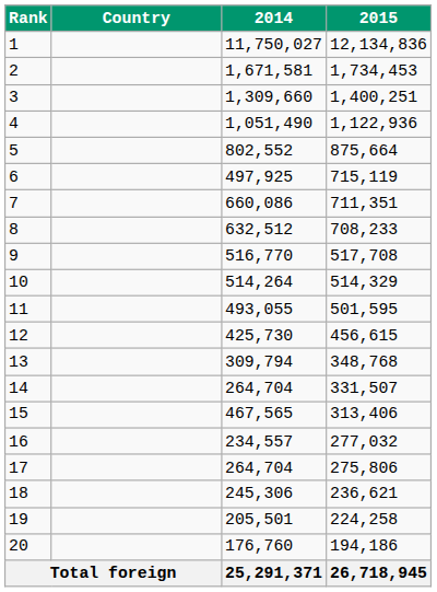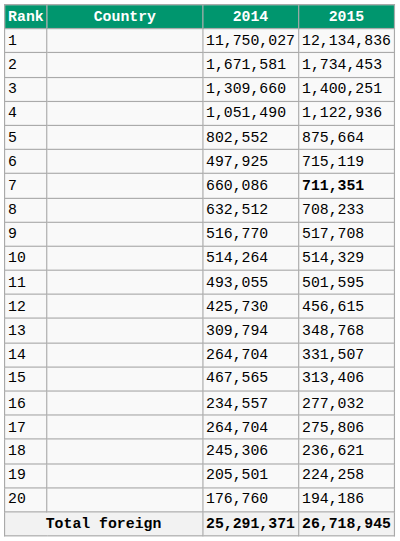 <table class="wikitable">
 <tr>
 </tr>
 <tr style="color:white;">
 <th style="width:5px; background:#00966E;">Rank</th>
 <th style="width:130px; background:#00966E;">Country</th>
 <th style="width:50px; background:#00966E;">2014</th>
 <th style="width:50px; background:#00966E;">2015</th>
 </tr>
 <tr>
 <td>1</td>
 <td></td>
 <td>11,750,027</td>
 <td>12,134,836</td>
 </tr>
 <tr>
 <td>2</td>
 <td></td>
 <td>1,671,581</td>
 <td>1,734,453</td>
 </tr>
 <tr>
 <td>3</td>
 <td></td>
 <td>1,309,660</td>
 <td>1,400,251</td>
 </tr>
 <tr>
 <td>4</td>
 <td></td>
 <td>1,051,490</td>
 <td>1,122,936</td>
 </tr>
 <tr>
 <td>5</td>
 <td></td>
 <td>802,552</td>
 <td>875,664</td>
 </tr>
 <tr>
 <td>6</td>
 <td></td>
 <td>497,925</td>
 <td>715,119</td>
 </tr>
 <tr>
 <td>7</td>
 <td></td>
 <td>660,086</td>
-<td>711,351</td>
+<td><strong>711,351</strong></td>
 </tr>
 <tr>
 <td>8</td>
 <td></td>
 <td>632,512</td>
 <td>708,233</td>
 </tr>
 <tr>
 <td>9</td>
 <td></td>
 <td>516,770</td>
 <td>517,708</td>
 </tr>
 <tr>
 <td>10</td>
 <td></td>
 <td>514,264</td>
 <td>514,329</td>
 </tr>
 <tr>
 <td>11</td>
 <td></td>
 <td>493,055</td>
 <td>501,595</td>
 </tr>
 <tr>
 <td>12</td>
 <td></td>
 <td>425,730</td>
 <td>456,615</td>
 </tr>
 <tr>
 <td>13</td>
 <td></td>
 <td>309,794</td>
 <td>348,768</td>
 </tr>
 <tr>
 <td>14</td>
 <td></td>
 <td>264,704</td>
 <td>331,507</td>
 </tr>
 <tr>
 <td>15</td>
 <td></td>
 <td>467,565</td>
 <td>313,406</td>
 </tr>
 <tr>
 <td>16</td>
 <td></td>
 <td>234,557</td>
 <td>277,032</td>
 </tr>
 <tr>
 <td>17</td>
 <td></td>
 <td>264,704</td>
 <td>275,806</td>
 </tr>
 <tr>
 <td>18</td>
 <td></td>
 <td>245,306</td>
 <td>236,621</td>
 </tr>
 <tr>
 <td>19</td>
 <td></td>
 <td>205,501</td>
 <td>224,258</td>
 </tr>
 <tr>
 <td>20</td>
 <td></td>
 <td>176,760</td>
 <td>194,186</td>
 </tr>
 <tr>
 <th colspan=2>Total foreign</th>
 <th>25,291,371</th>
 <th>26,718,945</th>
 </tr>
 </table>
